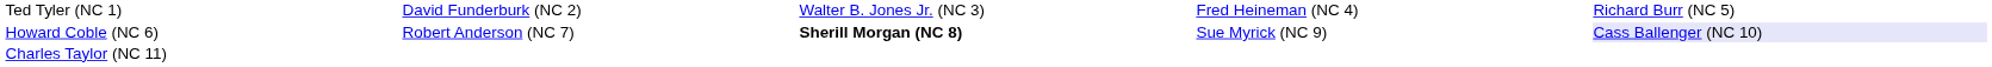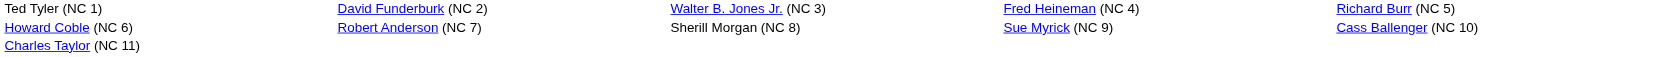 <table width="100%">
 <tr>
 <td width="20%">Ted Tyler (NC 1)<br></td>
 <td width="20%"><a href='#'>David Funderburk</a> (NC 2)</td>
 <td width="20%"><a href='#'>Walter B. Jones Jr.</a> (NC 3)</td>
 <td width="20%"><a href='#'>Fred Heineman</a> (NC 4)</td>
 <td width="20%"><a href='#'>Richard Burr</a> (NC 5)</td>
 </tr>
 <tr>
 <td><a href='#'>Howard Coble</a> (NC 6)</td>
 <td><a href='#'>Robert Anderson</a> (NC 7)</td>
-<td><strong>Sherill Morgan (NC 8)</strong></td>
+<td>Sherill Morgan (NC 8)</td>
 <td><a href='#'>Sue Myrick</a> (NC 9)</td>
-<td style="background: lavender;"><a href='#'>Cass Ballenger</a> (NC 10)</td>
+<td><a href='#'>Cass Ballenger</a> (NC 10)</td>
 </tr>
 <tr>
 <td><a href='#'>Charles Taylor</a> (NC 11)</td>
 </tr>
 </table>
